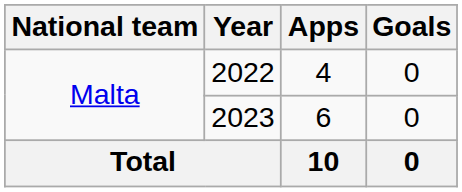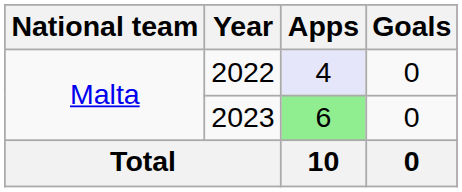 <table class="wikitable" style="text-align: center;">
 <tr>
 <th>National team</th>
 <th>Year</th>
 <th>Apps</th>
 <th>Goals</th>
 </tr>
 <tr>
 <td rowspan="2"><a href='#'>Malta</a></td>
 <td>2022</td>
-<td>4</td>
+<td style="background: lavender;">4</td>
 <td>0</td>
 </tr>
 <tr>
 <td>2023</td>
-<td>6</td>
+<td style="background: lightgreen;">6</td>
 <td>0</td>
 </tr>
 <tr>
 <th colspan="2">Total</th>
 <th>10</th>
 <th>0</th>
 </tr>
 </table>
